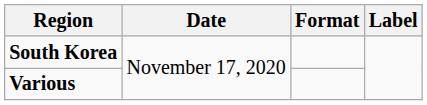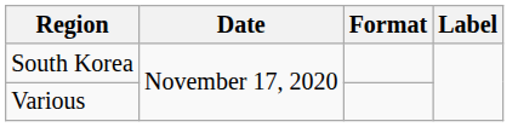 <table class = "wikitable plainrowheaders">
 <tr>
 <th>Region</th>
 <th>Date</th>
 <th>Format</th>
 <th>Label</th>
 </tr>
 <tr>
-<td><strong>South Korea</strong></td>
+<td>South Korea</td>
 <td rowspan="2">November 17, 2020</td>
 <td></td>
 <td rowspan="2"></td>
 </tr>
 <tr>
-<td><strong>Various</strong></td>
+<td>Various</td>
 <td></td>
 </tr>
 </table>
